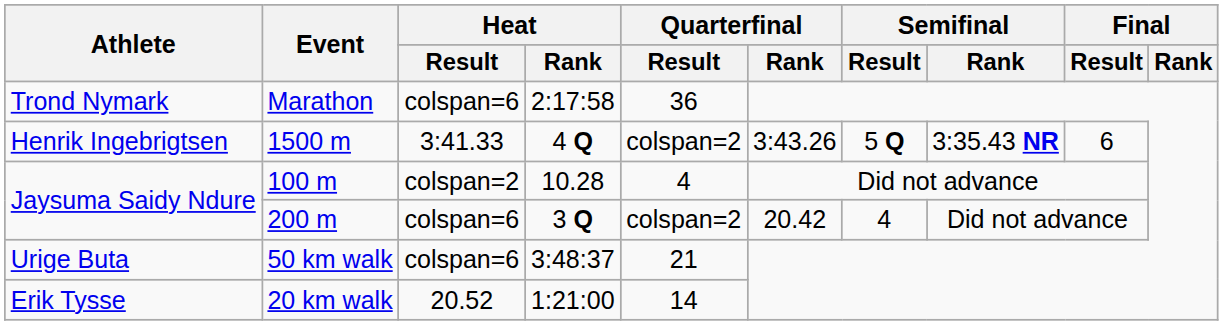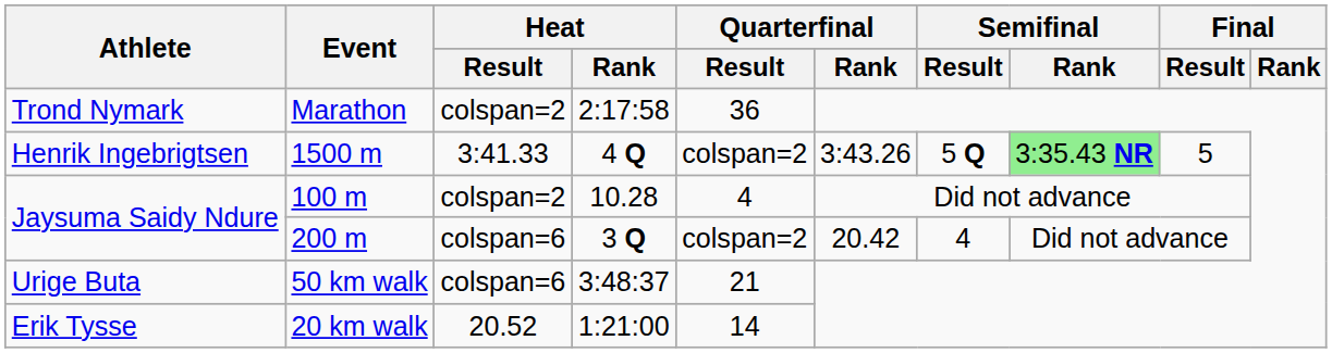 <table class="wikitable" style="font-size:90%">
 <tr>
 <th rowspan="2">Athlete</th>
 <th rowspan="2">Event</th>
 <th colspan="2">Heat</th>
 <th colspan="2">Quarterfinal</th>
 <th colspan="2">Semifinal</th>
 <th colspan="2">Final</th>
 </tr>
 <tr style="font-size:95%">
 <th>Result</th>
 <th>Rank</th>
 <th>Result</th>
 <th>Rank</th>
 <th>Result</th>
 <th>Rank</th>
 <th>Result</th>
 <th>Rank</th>
 </tr>
 <tr align=center>
 <td align=left><a href='#'>Trond Nymark</a></td>
 <td align=left><a href='#'>Marathon</a></td>
-<td>colspan=6 </td>
+<td>colspan=2 </td>
 <td>2:17:58</td>
 <td>36</td>
 </tr>
 <tr align=center>
 <td align=left><a href='#'>Henrik Ingebrigtsen</a></td>
 <td align=left><a href='#'>1500 m</a></td>
 <td>3:41.33</td>
 <td>4 <strong>Q</strong></td>
 <td>colspan=2 </td>
 <td>3:43.26</td>
 <td>5 <strong>Q</strong></td>
-<td>3:35.43 <strong><a href='#'>NR</a></strong></td>
-<td>6</td>
+<td style="background: lightgreen;">3:35.43 <strong><a href='#'>NR</a></strong></td>
+<td>5</td>
 </tr>
 <tr align=center>
 <td align=left rowspan=2><a href='#'>Jaysuma Saidy Ndure</a></td>
 <td align=left><a href='#'>100 m</a></td>
 <td>colspan=2 </td>
 <td>10.28</td>
 <td>4</td>
 <td colspan=4>Did not advance</td>
 </tr>
 <tr align=center>
 <td align=left><a href='#'>200 m</a></td>
 <td>colspan=6 </td>
 <td>3 <strong>Q</strong></td>
 <td>colspan=2 </td>
 <td>20.42</td>
 <td>4</td>
 <td colspan=2>Did not advance</td>
 </tr>
 <tr align=center>
 <td align=left><a href='#'>Urige Buta</a></td>
 <td align=left><a href='#'>50 km walk</a></td>
 <td>colspan=6 </td>
 <td>3:48:37</td>
 <td>21</td>
 </tr>
 <tr align=center>
 <td align=left><a href='#'>Erik Tysse</a></td>
 <td align=left><a href='#'>20 km walk</a></td>
 <td>20.52</td>
 <td>1:21:00</td>
 <td>14</td>
 </tr>
 </table>
